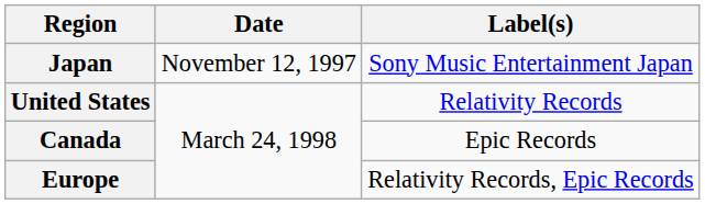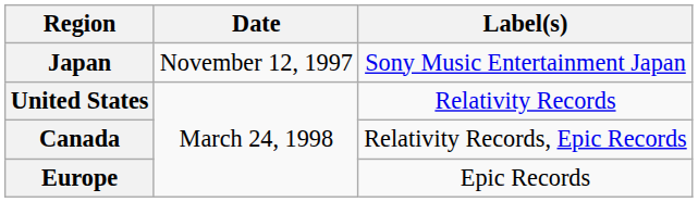 <table class="wikitable sortable plainrowheaders" style="text-align:center">
 <tr>
 <th scope="col">Region</th>
 <th scope="col">Date</th>
 <th scope="col">Label(s)</th>
 </tr>
 <tr>
 <th rowspan="2" scope="row">Japan</th>
 <td>November 12, 1997</td>
 <td rowspan="2"><a href='#'>Sony Music Entertainment Japan</a></td>
 </tr>
 <tr>
 <td rowspan="4">March 24, 1998</td>
 </tr>
 <tr>
 <th scope="row">United States</th>
 <td><a href='#'>Relativity Records</a></td>
 </tr>
 <tr>
 <th scope="row">Canada</th>
-<td>Epic Records</td>
+<td>Relativity Records, <a href='#'>Epic Records</a></td>
 </tr>
 <tr>
 <th scope="row">Europe</th>
-<td>Relativity Records, <a href='#'>Epic Records</a></td>
+<td>Epic Records</td>
 </tr>
 </table>
